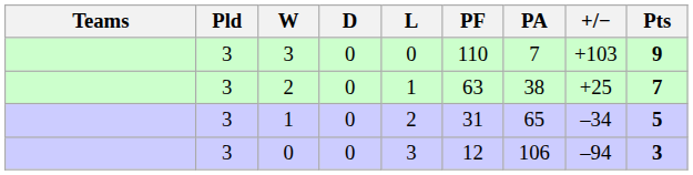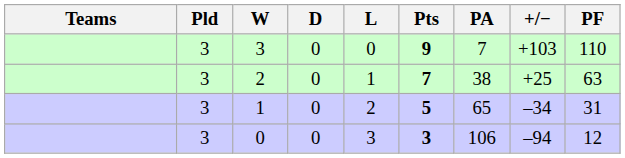 <table class="wikitable" style="text-align: center;">
 <tr>
 <th width="140">Teams</th>
 <th width="40">Pld</th>
 <th width="40">W</th>
 <th width="40">D</th>
 <th width="40">L</th>
-<th width="40">PF</th>
+<th width="40">Pts</th>
 <th width="40">PA</th>
 <th width="40">+/−</th>
-<th width="40">Pts</th>
+<th width="40">PF</th>
 </tr>
 <tr bgcolor=ccffcc>
 <td align=left></td>
 <td>3</td>
 <td>3</td>
 <td>0</td>
 <td>0</td>
-<td>110</td>
+<td><strong>9</strong></td>
 <td>7</td>
 <td>+103</td>
-<td><strong>9</strong></td>
+<td>110</td>
 </tr>
 <tr bgcolor=ccffcc>
 <td align=left></td>
 <td>3</td>
 <td>2</td>
 <td>0</td>
 <td>1</td>
-<td>63</td>
+<td><strong>7</strong></td>
 <td>38</td>
 <td>+25</td>
-<td><strong>7</strong></td>
+<td>63</td>
 </tr>
 <tr bgcolor=ccccff>
 <td align=left></td>
 <td>3</td>
 <td>1</td>
 <td>0</td>
 <td>2</td>
-<td>31</td>
+<td><strong>5</strong></td>
 <td>65</td>
 <td>–34</td>
-<td><strong>5</strong></td>
+<td>31</td>
 </tr>
 <tr bgcolor=ccccff>
 <td align=left></td>
 <td>3</td>
 <td>0</td>
 <td>0</td>
 <td>3</td>
-<td>12</td>
+<td><strong>3</strong></td>
 <td>106</td>
 <td>–94</td>
-<td><strong>3</strong></td>
+<td>12</td>
 </tr>
 </table>
